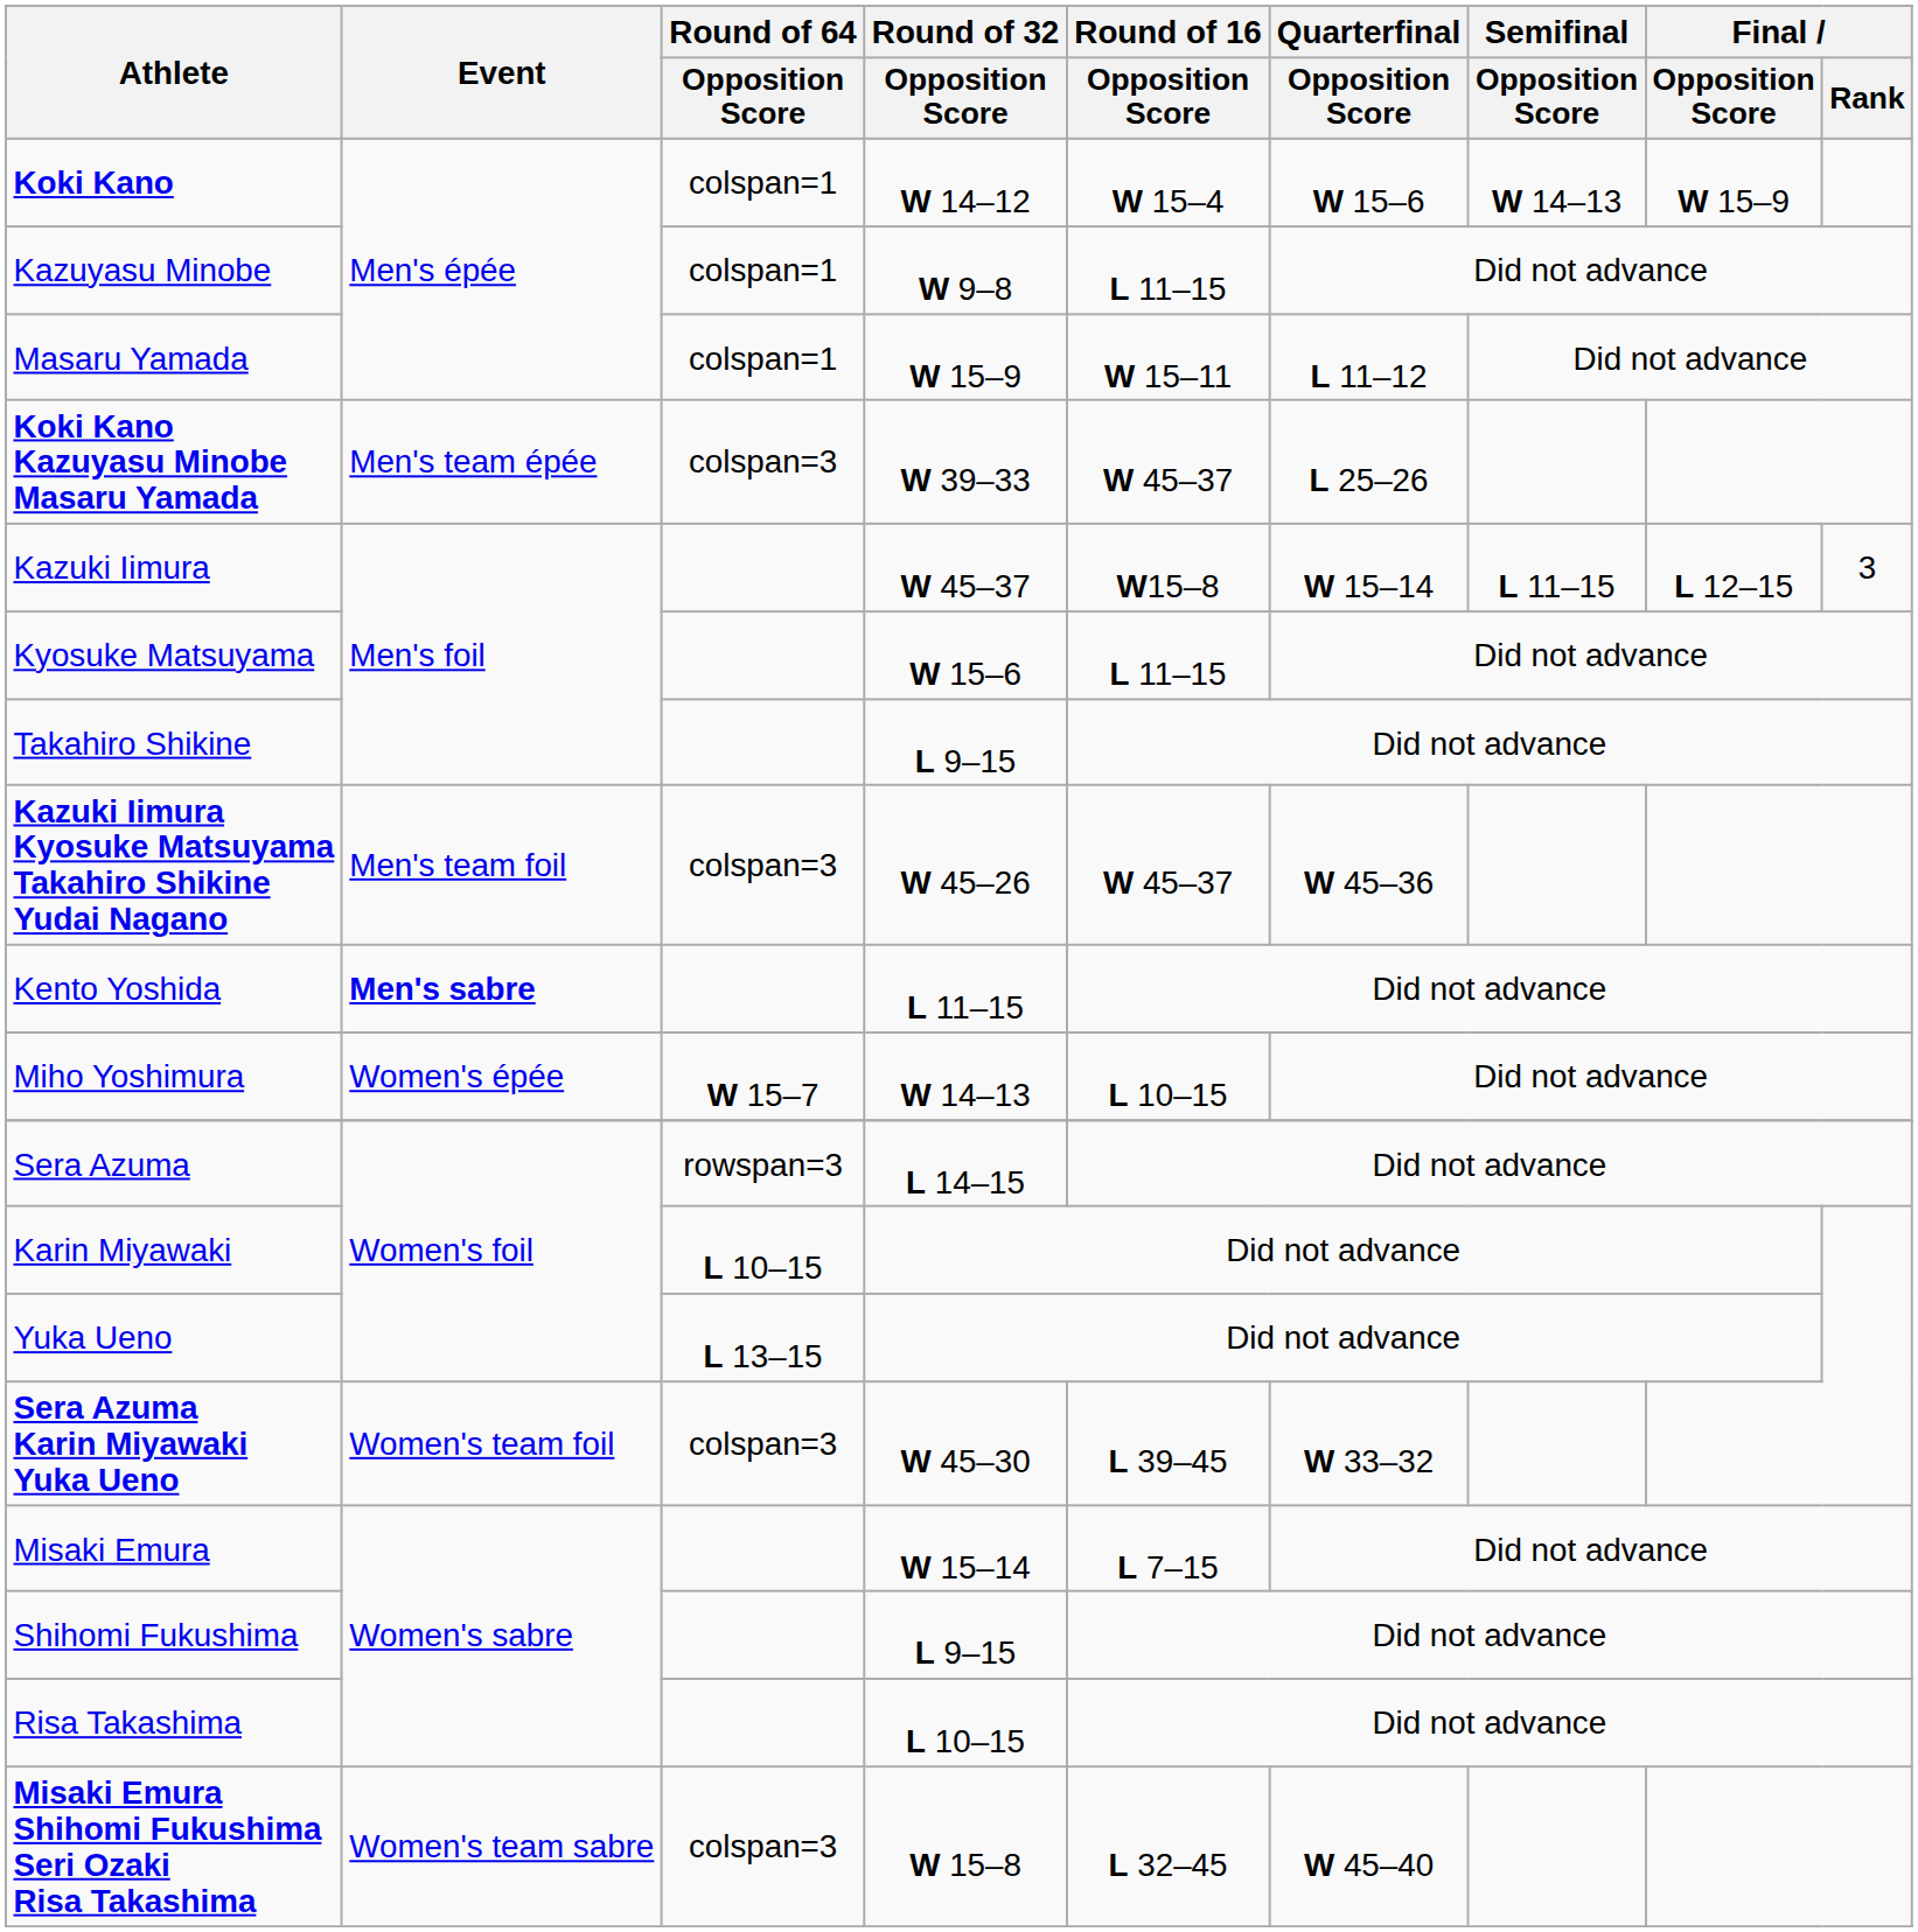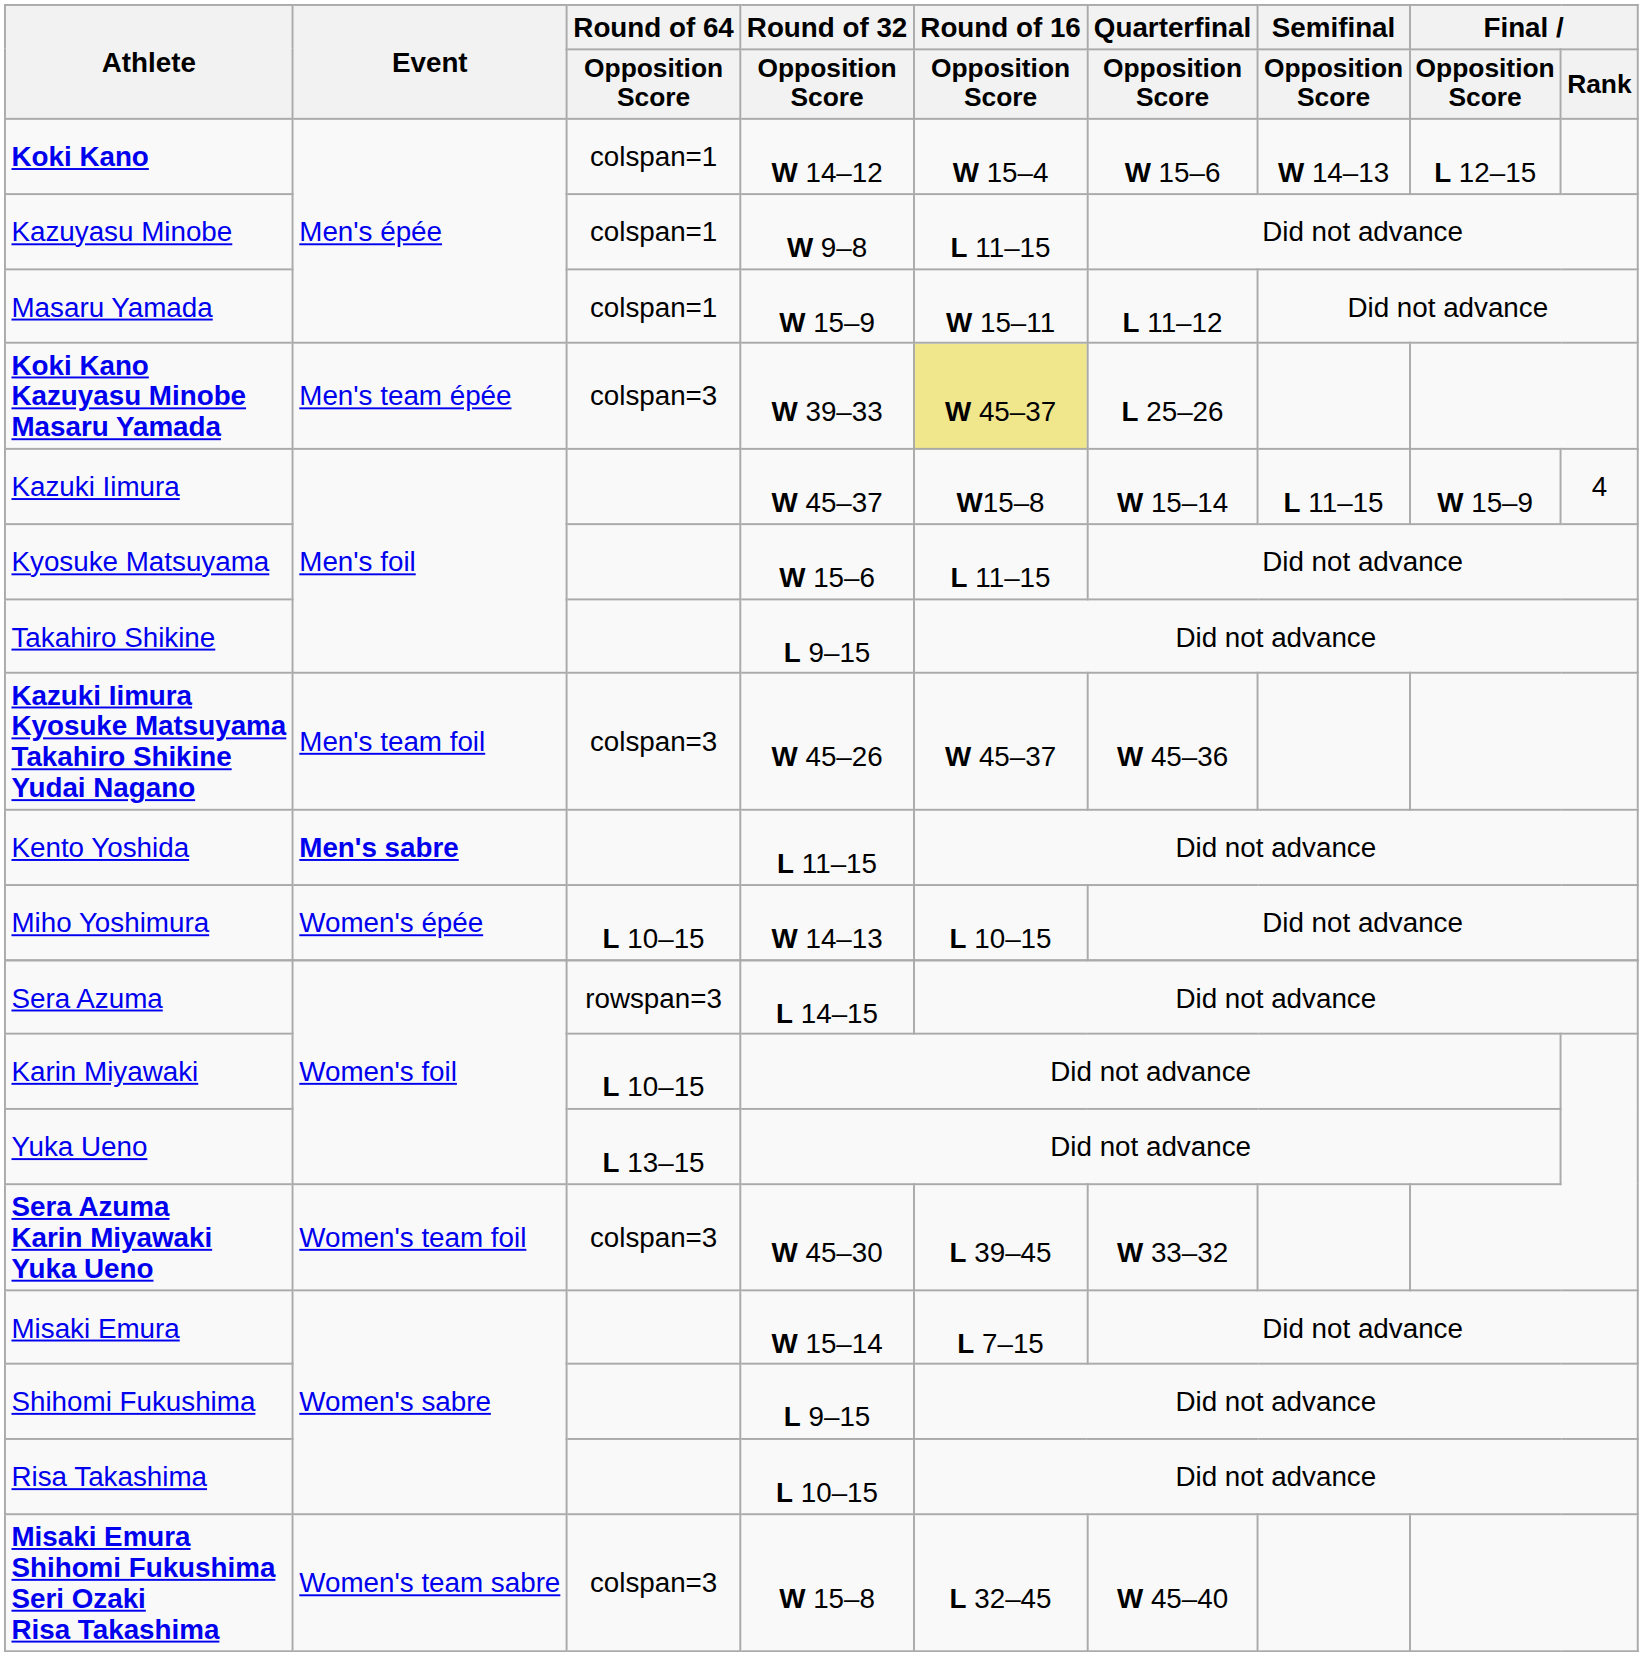 <table class="wikitable" style="font-size:90%">
 <tr>
 <th rowspan="2">Athlete</th>
 <th rowspan="2">Event</th>
 <th>Round of 64</th>
 <th>Round of 32</th>
 <th>Round of 16</th>
 <th>Quarterfinal</th>
 <th>Semifinal</th>
 <th colspan=2>Final / </th>
 </tr>
 <tr style="font-size:95%">
 <th>Opposition <br> Score</th>
 <th>Opposition <br> Score</th>
 <th>Opposition <br> Score</th>
 <th>Opposition <br> Score</th>
 <th>Opposition <br> Score</th>
 <th>Opposition <br> Score</th>
 <th>Rank</th>
 </tr>
 <tr align=center>
 <td align=left><strong><a href='#'>Koki Kano</a></strong></td>
 <td align=left rowspan=3><a href='#'>Men's épée</a></td>
 <td>colspan=1 </td>
 <td><br><strong>W</strong> 14–12</td>
 <td><br><strong>W</strong> 15–4</td>
 <td><br><strong>W</strong> 15–6</td>
 <td><br><strong>W</strong> 14–13</td>
-<td><br><strong>W</strong> 15–9</td>
+<td><br><strong>L</strong> 12–15</td>
 <td></td>
 </tr>
 <tr align=center>
 <td align=left><a href='#'>Kazuyasu Minobe</a></td>
 <td>colspan=1 </td>
 <td><br><strong>W</strong> 9–8</td>
 <td><br><strong>L</strong> 11–15</td>
 <td colspan=4>Did not advance</td>
 </tr>
 <tr align=center>
 <td align=left><a href='#'>Masaru Yamada</a></td>
 <td>colspan=1 </td>
 <td><br><strong>W</strong> 15–9</td>
 <td><br><strong>W</strong> 15–11</td>
 <td><br><strong>L</strong> 11–12</td>
 <td colspan=3>Did not advance</td>
 </tr>
 <tr align=center>
 <td align=left><strong><a href='#'>Koki Kano</a><br><a href='#'>Kazuyasu Minobe</a><br><a href='#'>Masaru Yamada</a></strong></td>
 <td align=left><a href='#'>Men's team épée</a></td>
 <td>colspan=3 </td>
 <td><br><strong>W</strong> 39–33</td>
-<td><br><strong>W</strong> 45–37</td>
+<td style="background: khaki;"><br><strong>W</strong> 45–37</td>
 <td><br><strong>L</strong> 25–26</td>
 <td></td>
 </tr>
 <tr align=center>
 <td align=left><a href='#'>Kazuki Iimura</a></td>
 <td align=left rowspan=3><a href='#'>Men's foil</a></td>
 <td></td>
 <td><br><strong>W</strong> 45–37</td>
 <td><br><strong>W</strong>15–8</td>
 <td><br><strong>W</strong> 15–14</td>
 <td><br><strong>L</strong> 11–15</td>
-<td><br><strong>L</strong> 12–15</td>
-<td>3</td>
+<td><br><strong>W</strong> 15–9</td>
+<td>4</td>
 </tr>
 <tr align=center>
 <td align=left><a href='#'>Kyosuke Matsuyama</a></td>
 <td></td>
 <td><br><strong>W</strong> 15–6</td>
 <td><br><strong>L</strong> 11–15</td>
 <td colspan="4">Did not advance</td>
 </tr>
 <tr align=center>
 <td align=left><a href='#'>Takahiro Shikine</a></td>
 <td></td>
 <td><br> <strong>L</strong> 9–15</td>
 <td colspan="5">Did not advance</td>
 </tr>
 <tr align=center>
 <td align=left><strong><a href='#'>Kazuki Iimura</a><br><a href='#'>Kyosuke Matsuyama</a><br><a href='#'>Takahiro Shikine</a><br><a href='#'>Yudai Nagano</a></strong></td>
 <td align=left><a href='#'>Men's team foil</a></td>
 <td>colspan=3 </td>
 <td><br><strong>W</strong> 45–26</td>
 <td><br><strong>W</strong> 45–37</td>
 <td><br><strong>W</strong> 45–36</td>
 <td></td>
 </tr>
 <tr align=center>
 <td align=left><a href='#'>Kento Yoshida</a></td>
 <td align=left><strong><a href='#'>Men's sabre</a></strong></td>
 <td></td>
 <td><br><strong>L</strong> 11–15</td>
 <td colspan="5">Did not advance</td>
 </tr>
 <tr align=center>
 <td align=left><a href='#'>Miho Yoshimura</a></td>
 <td align=left><a href='#'>Women's épée</a></td>
-<td><br><strong>W</strong> 15–7</td>
+<td><br><strong>L</strong> 10–15</td>
 <td><br><strong>W</strong> 14–13</td>
 <td><br><strong>L</strong> 10–15</td>
 <td colspan=4>Did not advance</td>
 </tr>
 <tr>
 </tr>
 <tr align=center>
 <td align=left><a href='#'>Sera Azuma</a></td>
 <td align=left rowspan=3><a href='#'>Women's foil</a></td>
 <td>rowspan=3 </td>
 <td><br><strong>L</strong> 14–15</td>
 <td colspan="5">Did not advance</td>
 </tr>
 <tr align=center>
 <td align=left><a href='#'>Karin Miyawaki</a></td>
 <td><br><strong>L</strong> 10–15</td>
 <td colspan=5>Did not advance</td>
 </tr>
 <tr align=center>
 <td align=left><a href='#'>Yuka Ueno</a></td>
 <td> <br> <strong>L</strong> 13–15</td>
 <td colspan=5>Did not advance</td>
 </tr>
 <tr align=center>
 <td align=left><strong><a href='#'>Sera Azuma</a><br><a href='#'>Karin Miyawaki</a><br><a href='#'>Yuka Ueno</a></strong></td>
 <td align=left><a href='#'>Women's team foil</a></td>
 <td>colspan=3 </td>
 <td><br><strong>W</strong> 45–30</td>
 <td><br><strong>L</strong> 39–45</td>
 <td><br><strong>W</strong> 33–32</td>
 <td></td>
 </tr>
 <tr align=center>
 <td align=left><a href='#'>Misaki Emura</a></td>
 <td align=left rowspan=3><a href='#'>Women's sabre</a></td>
 <td></td>
 <td><br><strong>W</strong> 15–14</td>
 <td><br><strong>L</strong> 7–15</td>
 <td colspan="4">Did not advance</td>
 </tr>
 <tr align=center>
 <td align=left><a href='#'>Shihomi Fukushima</a></td>
 <td></td>
 <td><br><strong>L</strong> 9–15</td>
 <td colspan="5">Did not advance</td>
 </tr>
 <tr align=center>
 <td align=left><a href='#'>Risa Takashima</a></td>
 <td></td>
 <td><br><strong>L</strong> 10–15</td>
 <td colspan="5">Did not advance</td>
 </tr>
 <tr align=center>
 <td align=left><strong><a href='#'>Misaki Emura</a><br><a href='#'>Shihomi Fukushima</a><br><a href='#'>Seri Ozaki</a><br><a href='#'>Risa Takashima</a></strong></td>
 <td align=left><a href='#'>Women's team sabre</a></td>
 <td>colspan=3 </td>
 <td><br><strong>W</strong> 15–8</td>
 <td><br><strong>L</strong> 32–45</td>
 <td><br><strong>W</strong> 45–40</td>
 <td></td>
 </tr>
 </table>
